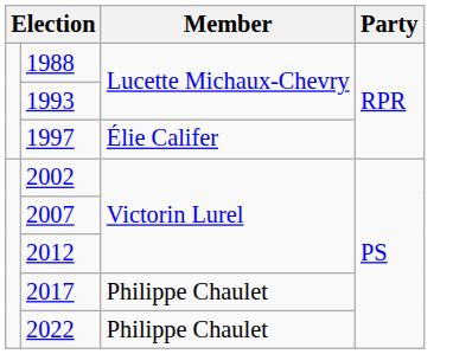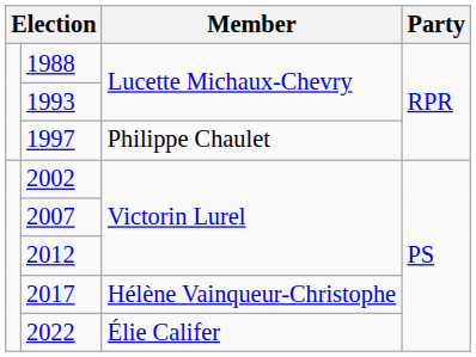 <table class="wikitable">
 <tr>
 <th colspan="2">Election</th>
 <th>Member</th>
 <th>Party</th>
 </tr>
 <tr>
 <td rowspan="3" style="background-color: "></td>
 <td><a href='#'>1988</a></td>
 <td rowspan="2"><a href='#'>Lucette Michaux-Chevry</a></td>
 <td rowspan="3"><a href='#'>RPR</a></td>
 </tr>
 <tr>
 <td><a href='#'>1993</a></td>
 </tr>
 <tr>
 <td><a href='#'>1997</a></td>
-<td><a href='#'>Élie Califer</a></td>
+<td>Philippe Chaulet</td>
 </tr>
 <tr>
 <td rowspan="5" style="background-color: "></td>
 <td><a href='#'>2002</a></td>
 <td rowspan="3"><a href='#'>Victorin Lurel</a></td>
 <td rowspan="5"><a href='#'>PS</a></td>
 </tr>
 <tr>
 <td><a href='#'>2007</a></td>
 </tr>
 <tr>
 <td><a href='#'>2012</a></td>
 </tr>
 <tr>
 <td><a href='#'>2017</a></td>
-<td>Philippe Chaulet</td>
+<td><a href='#'>Hélène Vainqueur-Christophe</a></td>
 </tr>
 <tr>
 <td><a href='#'>2022</a></td>
-<td>Philippe Chaulet</td>
+<td><a href='#'>Élie Califer</a></td>
 </tr>
 </table>
